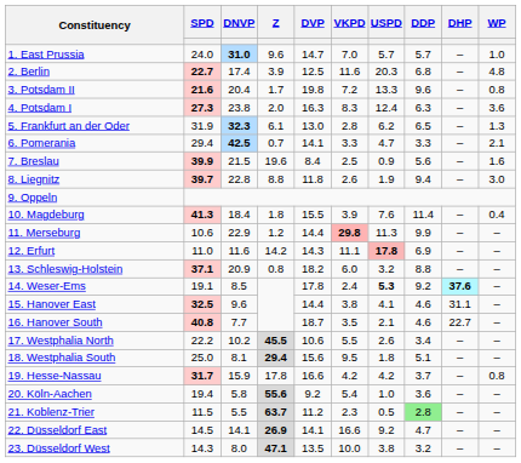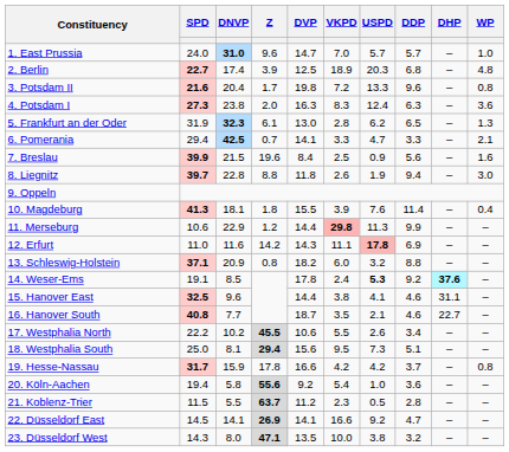 <table class="wikitable sortable" style="text-align:center; font-size:90%;">
 <tr style="height:42px; text-align:center; background-color:#E9E9E9;">
 <th rowspan="2" style="width:220px;">Constituency</th>
 <th style="width:40px;"><a href='#'>SPD</a></th>
 <th style="width:40px;"><a href='#'>DNVP</a></th>
 <th style="width:40px;"><a href='#'>Z</a></th>
 <th style="width:40px;"><a href='#'>DVP</a></th>
 <th style="width:40px;"><a href='#'>VKPD</a></th>
 <th style="width:40px;"><a href='#'>USPD</a></th>
 <th style="width:40px;"><a href='#'>DDP</a></th>
 <th style="width:40px;"><a href='#'>DHP</a></th>
 <th style="width:40px;"><a href='#'>WP</a></th>
 </tr>
 <tr>
 <th data-sort-type="number" style="height:1px; background:"></th>
 <th data-sort-type="number" style="height:1px; background:"></th>
 <th data-sort-type="number" style="height:1px; background:"></th>
 <th data-sort-type="number" style="height:1px; background:"></th>
 <th data-sort-type="number" style="height:1px; background:"></th>
 <th data-sort-type="number" style="height:1px; background:"></th>
 <th data-sort-type="number" style="height:1px; background:"></th>
 <th data-sort-type="number" style="height:1px; background:"></th>
 <th data-sort-type="number" style="height:1px; background:"></th>
 </tr>
 <tr>
 <td align="left"><a href='#'>1. East Prussia</a></td>
 <td>24.0</td>
 <td style="background:#B3DCFF"><strong>31.0</strong></td>
 <td>9.6</td>
 <td>14.7</td>
 <td>7.0</td>
 <td>5.7</td>
 <td>5.7</td>
 <td>–</td>
 <td>1.0</td>
 </tr>
 <tr>
 <td align="left"><a href='#'>2. Berlin</a></td>
 <td style="background:#FFCCCC"><strong>22.7</strong></td>
 <td>17.4</td>
 <td>3.9</td>
 <td>12.5</td>
-<td>11.6</td>
+<td>18.9</td>
 <td>20.3</td>
 <td>6.8</td>
 <td>–</td>
 <td>4.8</td>
 </tr>
 <tr>
 <td align="left"><a href='#'>3. Potsdam II</a></td>
 <td style="background:#FFCCCC"><strong>21.6</strong></td>
 <td>20.4</td>
 <td>1.7</td>
 <td>19.8</td>
 <td>7.2</td>
 <td>13.3</td>
 <td>9.6</td>
 <td>–</td>
 <td>0.8</td>
 </tr>
 <tr>
 <td align="left"><a href='#'>4. Potsdam I</a></td>
 <td style="background:#FFCCCC"><strong>27.3</strong></td>
 <td>23.8</td>
 <td>2.0</td>
 <td>16.3</td>
 <td>8.3</td>
 <td>12.4</td>
 <td>6.3</td>
 <td>–</td>
 <td>3.6</td>
 </tr>
 <tr>
 <td align="left"><a href='#'>5. Frankfurt an der Oder</a></td>
 <td>31.9</td>
 <td style="background:#B3DCFF"><strong>32.3</strong></td>
 <td>6.1</td>
 <td>13.0</td>
 <td>2.8</td>
 <td>6.2</td>
 <td>6.5</td>
 <td>–</td>
 <td>1.3</td>
 </tr>
 <tr>
 <td align="left"><a href='#'>6. Pomerania</a></td>
 <td>29.4</td>
 <td style="background:#B3DCFF"><strong>42.5</strong></td>
 <td>0.7</td>
 <td>14.1</td>
 <td>3.3</td>
 <td>4.7</td>
 <td>3.3</td>
 <td>–</td>
 <td>2.1</td>
 </tr>
 <tr>
 <td align="left"><a href='#'>7. Breslau</a></td>
 <td style="background:#FFCCCC"><strong>39.9</strong></td>
 <td>21.5</td>
 <td>19.6</td>
 <td>8.4</td>
 <td>2.5</td>
 <td>0.9</td>
 <td>5.6</td>
 <td>–</td>
 <td>1.6</td>
 </tr>
 <tr>
 <td align="left"><a href='#'>8. Liegnitz</a></td>
 <td style="background:#FFCCCC"><strong>39.7</strong></td>
 <td>22.8</td>
 <td>8.8</td>
 <td>11.8</td>
 <td>2.6</td>
 <td>1.9</td>
 <td>9.4</td>
 <td>–</td>
 <td>3.0</td>
 </tr>
 <tr>
 <td align="left"><a href='#'>9. Oppeln</a></td>
 <td colspan=9></td>
 </tr>
 <tr>
 <td align="left"><a href='#'>10. Magdeburg</a></td>
 <td style="background:#FFCCCC"><strong>41.3</strong></td>
-<td>18.4</td>
+<td>18.1</td>
 <td>1.8</td>
 <td>15.5</td>
 <td>3.9</td>
 <td>7.6</td>
 <td>11.4</td>
 <td>–</td>
 <td>0.4</td>
 </tr>
 <tr>
 <td align="left"><a href='#'>11. Merseburg</a></td>
 <td>10.6</td>
 <td>22.9</td>
 <td>1.2</td>
 <td>14.4</td>
 <td style="background:#FFB3B3"><strong>29.8</strong></td>
 <td>11.3</td>
 <td>9.9</td>
 <td>–</td>
 <td>–</td>
 </tr>
 <tr>
 <td align="left"><a href='#'>12. Erfurt</a></td>
 <td>11.0</td>
 <td>11.6</td>
 <td>14.2</td>
 <td>14.3</td>
 <td>11.1</td>
 <td style="background:#FBB6B6"><strong>17.8</strong></td>
 <td>6.9</td>
 <td>–</td>
 <td>–</td>
 </tr>
 <tr>
 <td align="left"><a href='#'>13. Schleswig-Holstein</a></td>
 <td style="background:#FFCCCC"><strong>37.1</strong></td>
 <td>20.9</td>
 <td>0.8</td>
 <td>18.2</td>
 <td>6.0</td>
 <td>3.2</td>
 <td>8.8</td>
 <td>–</td>
 <td>–</td>
 </tr>
 <tr>
 <td align="left"><a href='#'>14. Weser-Ems</a></td>
 <td>19.1</td>
 <td>8.5</td>
 <td rowspan=3></td>
 <td>17.8</td>
 <td>2.4</td>
 <td><strong>5.3</strong></td>
 <td>9.2</td>
 <td style="background:#B3F8FF"><strong>37.6</strong></td>
 <td>–</td>
 </tr>
 <tr>
 <td align="left"><a href='#'>15. Hanover East</a></td>
 <td style="background:#FFCCCC"><strong>32.5</strong></td>
 <td>9.6</td>
 <td>14.4</td>
 <td>3.8</td>
 <td>4.1</td>
 <td>4.6</td>
 <td>31.1</td>
 <td>–</td>
 </tr>
 <tr>
 <td align="left"><a href='#'>16. Hanover South</a></td>
 <td style="background:#FFCCCC"><strong>40.8</strong></td>
 <td>7.7</td>
 <td>18.7</td>
 <td>3.5</td>
 <td>2.1</td>
 <td>4.6</td>
 <td>22.7</td>
 <td>–</td>
 </tr>
 <tr>
 <td align="left"><a href='#'>17. Westphalia North</a></td>
 <td>22.2</td>
 <td>10.2</td>
 <td style="background:#D9D9D9"><strong>45.5</strong></td>
 <td>10.6</td>
 <td>5.5</td>
 <td>2.6</td>
 <td>3.4</td>
 <td>–</td>
 <td>–</td>
 </tr>
 <tr>
 <td align="left"><a href='#'>18. Westphalia South</a></td>
 <td>25.0</td>
 <td>8.1</td>
 <td style="background:#D9D9D9"><strong>29.4</strong></td>
 <td>15.6</td>
 <td>9.5</td>
-<td>1.8</td>
+<td>7.3</td>
 <td>5.1</td>
 <td>–</td>
 <td>–</td>
 </tr>
 <tr>
 <td align="left"><a href='#'>19. Hesse-Nassau</a></td>
 <td style="background:#FFCCCC"><strong>31.7</strong></td>
 <td>15.9</td>
 <td>17.8</td>
 <td>16.6</td>
 <td>4.2</td>
 <td>4.2</td>
 <td>3.7</td>
 <td>–</td>
 <td>0.8</td>
 </tr>
 <tr>
 <td align="left"><a href='#'>20. Köln-Aachen</a></td>
 <td>19.4</td>
 <td>5.8</td>
 <td style="background:#D9D9D9"><strong>55.6</strong></td>
 <td>9.2</td>
 <td>5.4</td>
 <td>1.0</td>
 <td>3.6</td>
 <td>–</td>
 <td>–</td>
 </tr>
 <tr>
 <td align="left"><a href='#'>21. Koblenz-Trier</a></td>
 <td>11.5</td>
 <td>5.5</td>
 <td style="background:#D9D9D9"><strong>63.7</strong></td>
 <td>11.2</td>
 <td>2.3</td>
 <td>0.5</td>
-<td style="background: lightgreen;">2.8</td>
+<td>2.8</td>
 <td>–</td>
 <td>–</td>
 </tr>
 <tr>
 <td align="left"><a href='#'>22. Düsseldorf East</a></td>
 <td>14.5</td>
 <td>14.1</td>
 <td style="background:#D9D9D9"><strong>26.9</strong></td>
 <td>14.1</td>
 <td>16.6</td>
 <td>9.2</td>
 <td>4.7</td>
 <td>–</td>
 <td>–</td>
 </tr>
 <tr>
 <td align="left"><a href='#'>23. Düsseldorf West</a></td>
 <td>14.3</td>
 <td>8.0</td>
 <td style="background:#D9D9D9"><strong>47.1</strong></td>
 <td>13.5</td>
 <td>10.0</td>
 <td>3.8</td>
 <td>3.2</td>
 <td>–</td>
 <td>–</td>
 </tr>
 </table>
